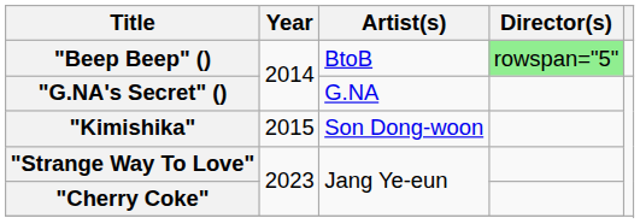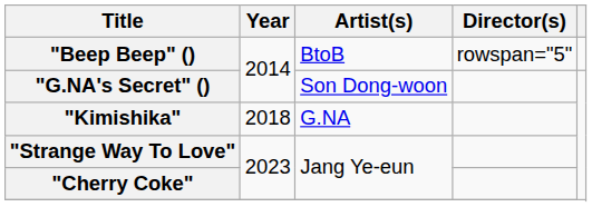 <table class="wikitable plainrowheaders">
 <tr>
 <th scope="col">Title</th>
 <th scope="col">Year</th>
 <th scope="col">Artist(s)</th>
 <th scope="col">Director(s)</th>
 <th scope="col"></th>
 </tr>
 <tr>
 <th scope="row">"Beep Beep" ()</th>
 <td rowspan="2">2014</td>
 <td><a href='#'>BtoB</a></td>
-<td style="background: lightgreen;">rowspan="5" </td>
+<td>rowspan="5" </td>
 <td></td>
 </tr>
 <tr>
 <th scope="row">"G.NA's Secret" ()</th>
-<td><a href='#'>G.NA</a></td>
+<td><a href='#'>Son Dong-woon</a></td>
 <td></td>
 </tr>
 <tr>
 <th scope="row">"Kimishika"</th>
-<td>2015</td>
-<td><a href='#'>Son Dong-woon</a></td>
+<td>2018</td>
+<td><a href='#'>G.NA</a></td>
 <td></td>
 </tr>
 <tr>
 <th scope="row">"Strange Way To Love"</th>
 <td rowspan="2">2023</td>
 <td rowspan="2">Jang Ye-eun</td>
 <td></td>
 </tr>
 <tr>
 <th scope="row">"Cherry Coke"</th>
 <td></td>
 </tr>
 <tr>
 </tr>
 </table>
